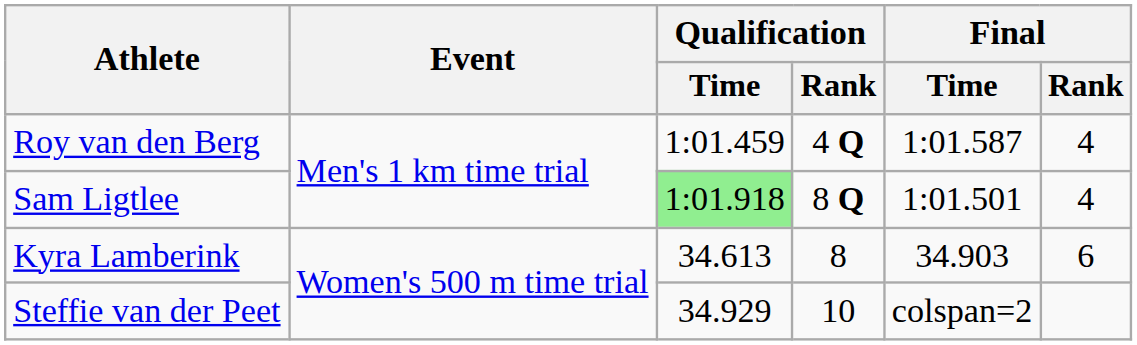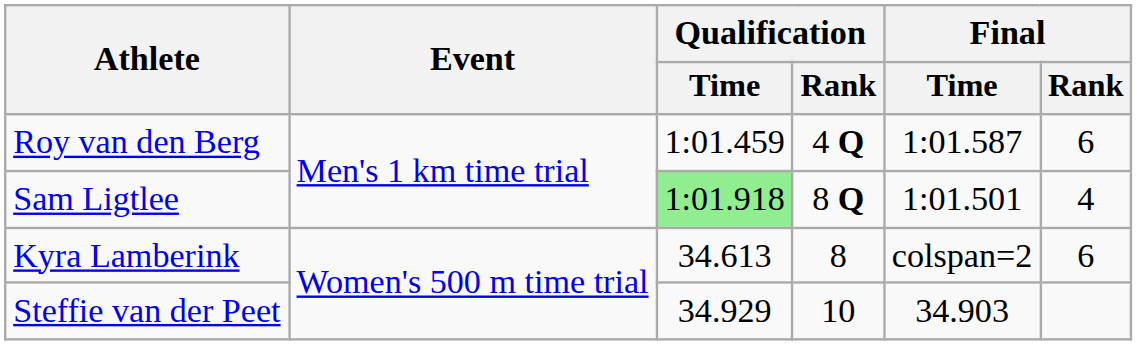 <table class="wikitable" style="text-align:center; font-size:90%">
 <tr>
 <th rowspan=2>Athlete</th>
 <th rowspan=2>Event</th>
 <th colspan=2>Qualification</th>
 <th colspan=2>Final</th>
 </tr>
 <tr style="font-size:95%">
 <th>Time</th>
 <th>Rank</th>
 <th>Time</th>
 <th>Rank</th>
 </tr>
 <tr>
 <td align=left><a href='#'>Roy van den Berg</a></td>
 <td rowspan=2 align=left><a href='#'>Men's 1 km time trial</a></td>
 <td>1:01.459</td>
 <td>4  <strong>Q</strong></td>
 <td>1:01.587</td>
-<td>4</td>
+<td>6</td>
 </tr>
 <tr>
 <td align=left><a href='#'>Sam Ligtlee</a></td>
 <td style="background: lightgreen;">1:01.918</td>
 <td>8 <strong>Q</strong></td>
 <td>1:01.501</td>
 <td>4</td>
 </tr>
 <tr>
 <td align=left><a href='#'>Kyra Lamberink</a></td>
 <td rowspan=2 align=left><a href='#'>Women's 500 m time trial</a></td>
 <td>34.613</td>
 <td>8</td>
-<td>34.903</td>
+<td>colspan=2 </td>
 <td>6</td>
 </tr>
 <tr>
 <td align=left><a href='#'>Steffie van der Peet</a></td>
 <td>34.929</td>
 <td>10</td>
-<td>colspan=2 </td>
+<td>34.903</td>
 </tr>
 </table>
